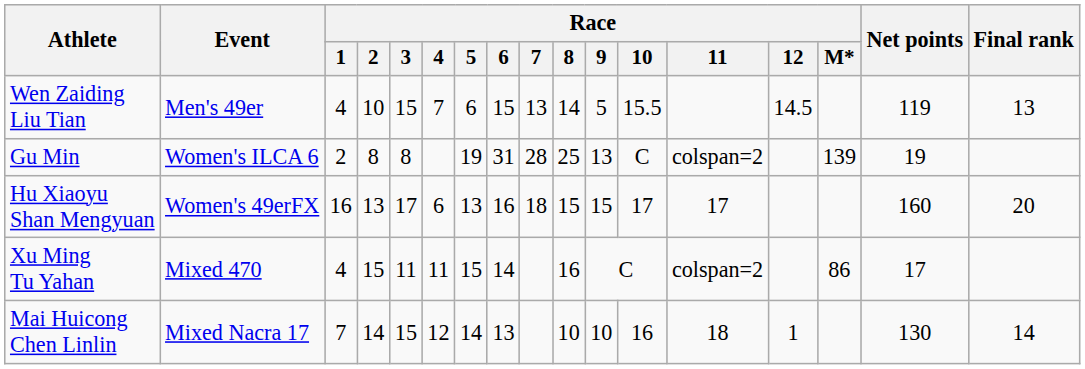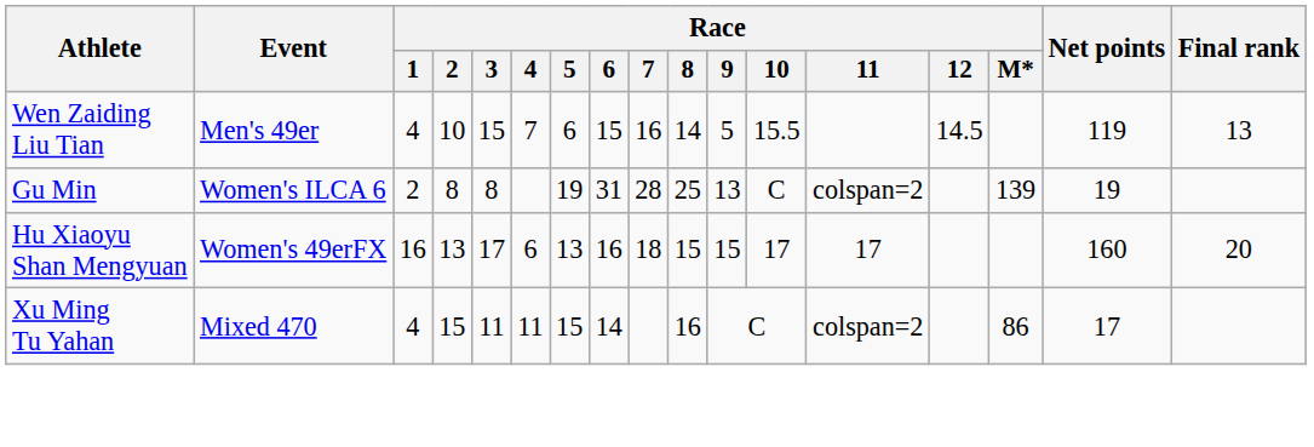 <table class=wikitable style=font-size:90%;text-align:center>
 <tr>
 <th rowspan=2>Athlete</th>
 <th rowspan=2>Event</th>
 <th colspan=13>Race</th>
 <th rowspan=2>Net points</th>
 <th rowspan=2>Final rank</th>
 </tr>
 <tr style="font-size:95%">
 <th>1</th>
 <th>2</th>
 <th>3</th>
 <th>4</th>
 <th>5</th>
 <th>6</th>
 <th>7</th>
 <th>8</th>
 <th>9</th>
 <th>10</th>
 <th>11</th>
 <th>12</th>
 <th>M*</th>
 </tr>
 <tr>
 <td align=left><a href='#'>Wen Zaiding</a><br><a href='#'>Liu Tian</a></td>
 <td align=left><a href='#'>Men's 49er</a></td>
 <td>4</td>
 <td>10</td>
 <td>15</td>
 <td>7</td>
 <td>6</td>
 <td>15</td>
-<td>13</td>
+<td>16</td>
 <td>14</td>
 <td>5</td>
 <td>15.5</td>
 <td></td>
 <td>14.5</td>
 <td></td>
 <td>119</td>
 <td>13</td>
 </tr>
 <tr>
 <td align=left><a href='#'>Gu Min</a></td>
 <td align=left><a href='#'>Women's ILCA 6</a></td>
 <td>2</td>
 <td>8</td>
 <td>8</td>
 <td></td>
 <td>19</td>
 <td>31</td>
 <td>28</td>
 <td>25</td>
 <td>13</td>
 <td>C</td>
 <td>colspan=2 </td>
 <td></td>
 <td>139</td>
 <td>19</td>
 </tr>
 <tr>
 <td align=left><a href='#'>Hu Xiaoyu</a><br><a href='#'>Shan Mengyuan</a></td>
 <td align=left><a href='#'>Women's 49erFX</a></td>
 <td>16</td>
 <td>13</td>
 <td>17</td>
 <td>6</td>
 <td>13</td>
 <td>16</td>
 <td>18</td>
 <td>15</td>
 <td>15</td>
 <td>17</td>
 <td>17</td>
 <td></td>
 <td></td>
 <td>160</td>
 <td>20</td>
 </tr>
 <tr>
 <td align=left><a href='#'>Xu Ming</a><br><a href='#'>Tu Yahan</a></td>
 <td align=left><a href='#'>Mixed 470</a></td>
 <td>4</td>
 <td>15</td>
 <td>11</td>
 <td>11</td>
 <td>15</td>
 <td>14</td>
 <td></td>
 <td>16</td>
 <td colspan=2>C</td>
 <td>colspan=2 </td>
 <td></td>
 <td>86</td>
 <td>17</td>
 </tr>
-<tr>
-<td align=left><a href='#'>Mai Huicong</a><br><a href='#'>Chen Linlin</a></td>
-<td align=left><a href='#'>Mixed Nacra 17</a></td>
-<td>7</td>
-<td>14</td>
-<td>15</td>
-<td>12</td>
-<td>14</td>
-<td>13</td>
-<td></td>
-<td>10</td>
-<td>10</td>
-<td>16</td>
-<td>18</td>
-<td>1</td>
-<td></td>
-<td>130</td>
-<td>14</td>
-</tr>
 </table>
